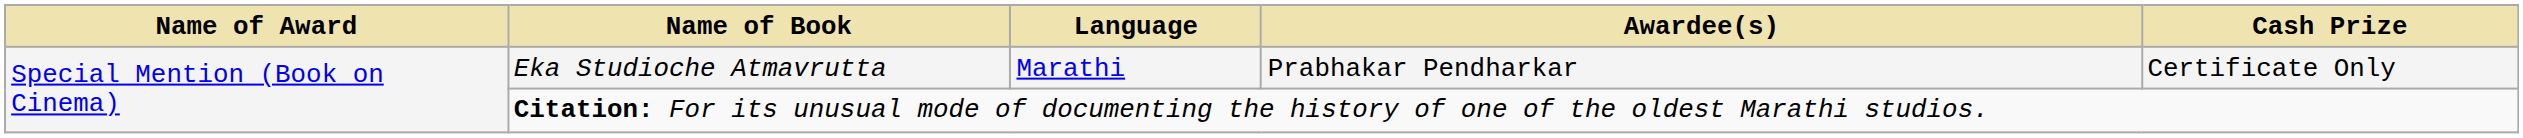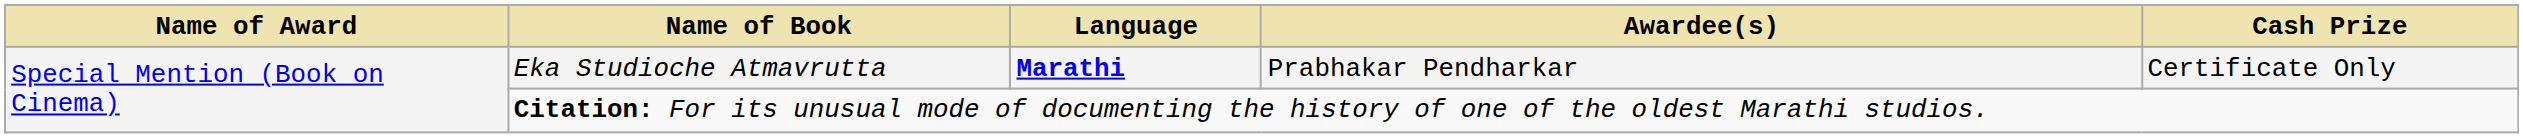 <table class="wikitable" style="width:100%;">
 <tr style="background-color:#F4F4F4">
 <th style="background-color:#EFE4B0;width:20%;">Name of Award</th>
 <th style="background-color:#EFE4B0;width:20%;">Name of Book</th>
 <th style="background-color:#EFE4B0;width:10%;">Language</th>
 <th style="background-color:#EFE4B0;width:35%;">Awardee(s)</th>
 <th style="background-color:#EFE4B0;width:15%;">Cash Prize</th>
 </tr>
 <tr style="background-color:#F4F4F4">
 <td rowspan="2"><a href='#'>Special Mention (Book on Cinema)</a></td>
 <td><em>Eka Studioche Atmavrutta</em></td>
-<td><a href='#'>Marathi</a></td>
+<td><strong><a href='#'>Marathi</a></strong></td>
 <td>Prabhakar Pendharkar</td>
 <td>Certificate Only</td>
 </tr>
 <tr style="background-color:#F9F9F9">
 <td colspan="4"><strong>Citation:</strong> <em>For its unusual mode of documenting the history of one of the oldest Marathi studios.</em></td>
 </tr>
 </table>
